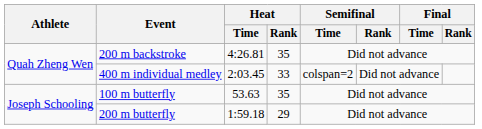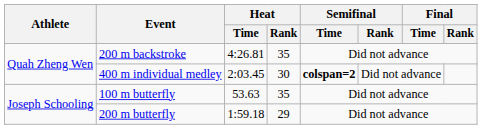 <table class=wikitable style="font-size:90%">
 <tr>
 <th rowspan="2">Athlete</th>
 <th rowspan="2">Event</th>
 <th colspan="2">Heat</th>
 <th colspan="2">Semifinal</th>
 <th colspan="2">Final</th>
 </tr>
 <tr style="font-size:95%">
 <th>Time</th>
 <th>Rank</th>
 <th>Time</th>
 <th>Rank</th>
 <th>Time</th>
 <th>Rank</th>
 </tr>
 <tr align=center>
 <td align=left rowspan=2><a href='#'>Quah Zheng Wen</a></td>
 <td align=left><a href='#'>200 m backstroke</a></td>
 <td>4:26.81</td>
 <td>35</td>
 <td colspan=4>Did not advance</td>
 </tr>
 <tr align=center>
 <td align=left><a href='#'>400 m individual medley</a></td>
 <td>2:03.45</td>
-<td>33</td>
-<td>colspan=2 </td>
+<td>30</td>
+<td><strong>colspan=2 </strong></td>
 <td colspan=2>Did not advance</td>
 </tr>
 <tr align=center>
 <td align=left rowspan=2><a href='#'>Joseph Schooling</a></td>
 <td align=left><a href='#'>100 m butterfly</a></td>
 <td>53.63</td>
 <td>35</td>
 <td colspan=4>Did not advance</td>
 </tr>
 <tr align=center>
 <td align=left><a href='#'>200 m butterfly</a></td>
 <td>1:59.18</td>
 <td>29</td>
 <td colspan=4>Did not advance</td>
 </tr>
 </table>
